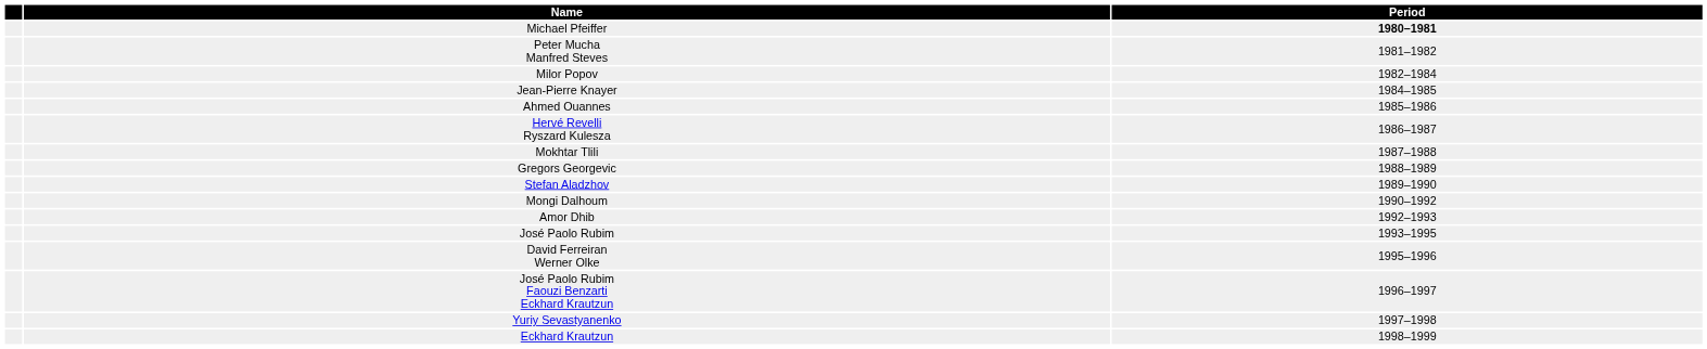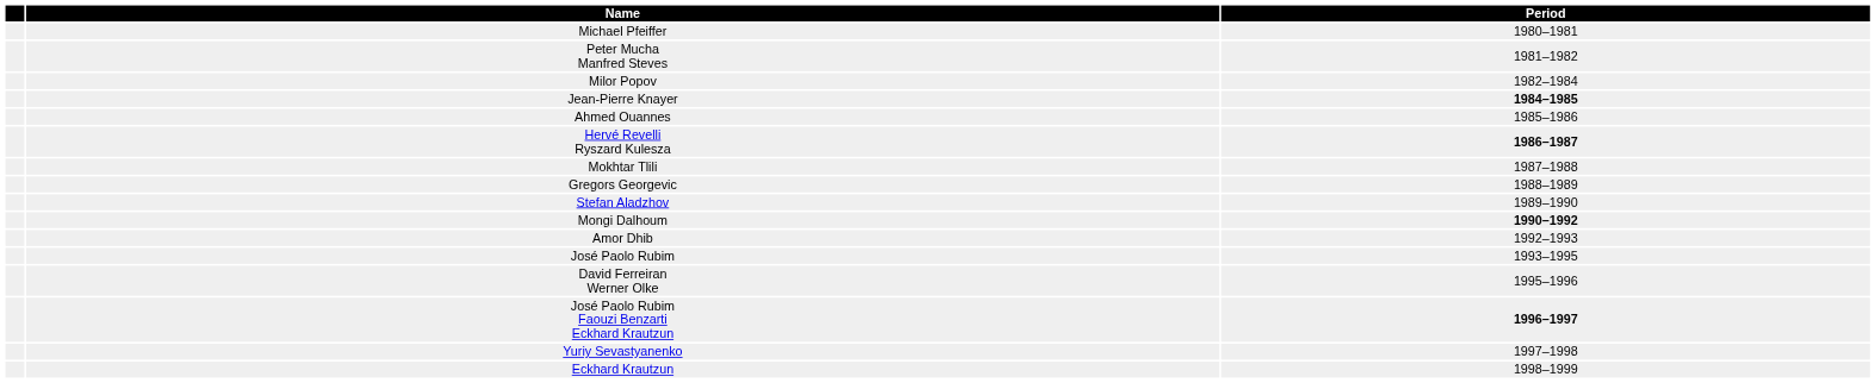 <table style=font-size:85%;width:100%>
 <tr style=color:#FFFFFF;background:Black>
 <th align=center></th>
 <th align=center>Name</th>
 <th align=center>Period</th>
 </tr>
 <tr bgcolor=#efefef>
 <td align=center></td>
 <td align=center>Michael Pfeiffer</td>
-<td align=center><strong>1980–1981</strong></td>
+<td align=center>1980–1981</td>
 </tr>
 <tr bgcolor=#efefef>
 <td align=center></td>
 <td align=center>Peter Mucha<br>Manfred Steves</td>
 <td align=center>1981–1982</td>
 </tr>
 <tr bgcolor=#efefef>
 <td align=center></td>
 <td align=center>Milor Popov</td>
 <td align=center>1982–1984</td>
 </tr>
 <tr bgcolor=#efefef>
 <td align=center></td>
 <td align=center>Jean-Pierre Knayer</td>
-<td align=center>1984–1985</td>
+<td align=center><strong>1984–1985</strong></td>
 </tr>
 <tr bgcolor=#efefef>
 <td align=center></td>
 <td align=center>Ahmed Ouannes</td>
 <td align=center>1985–1986</td>
 </tr>
 <tr bgcolor=#efefef>
 <td align=center><br></td>
 <td align=center><a href='#'>Hervé Revelli</a><br>Ryszard Kulesza</td>
-<td align=center>1986–1987</td>
+<td align=center><strong>1986–1987</strong></td>
 </tr>
 <tr bgcolor=#efefef>
 <td align=center></td>
 <td align=center>Mokhtar Tlili</td>
 <td align=center>1987–1988</td>
 </tr>
 <tr bgcolor=#efefef>
 <td align=center></td>
 <td align=center>Gregors Georgevic</td>
 <td align=center>1988–1989</td>
 </tr>
 <tr bgcolor=#efefef>
 <td align=center></td>
 <td align=center><a href='#'>Stefan Aladzhov</a></td>
 <td align=center>1989–1990</td>
 </tr>
 <tr bgcolor=#efefef>
 <td align=center></td>
 <td align=center>Mongi Dalhoum</td>
-<td align=center>1990–1992</td>
+<td align=center><strong>1990–1992</strong></td>
 </tr>
 <tr bgcolor=#efefef>
 <td align=center></td>
 <td align=center>Amor Dhib</td>
 <td align=center>1992–1993</td>
 </tr>
 <tr bgcolor=#efefef>
 <td align=center></td>
 <td align=center>José Paolo Rubim</td>
 <td align=center>1993–1995</td>
 </tr>
 <tr bgcolor=#efefef>
 <td align=center><br></td>
 <td align=center>David Ferreiran<br>Werner Olke</td>
 <td align=center>1995–1996</td>
 </tr>
 <tr bgcolor=#efefef>
 <td align=center><br><br></td>
 <td align=center>José Paolo Rubim<br><a href='#'>Faouzi Benzarti</a><br><a href='#'>Eckhard Krautzun</a></td>
-<td align=center>1996–1997</td>
+<td align=center><strong>1996–1997</strong></td>
 </tr>
 <tr bgcolor=#efefef>
 <td align=center></td>
 <td align=center><a href='#'>Yuriy Sevastyanenko</a></td>
 <td align=center>1997–1998</td>
 </tr>
 <tr bgcolor=#efefef>
 <td align=center></td>
 <td align=center><a href='#'>Eckhard Krautzun</a></td>
 <td align=center>1998–1999</td>
 </tr>
 <tr bgcolor=#efefef>
 </tr>
 </table>
